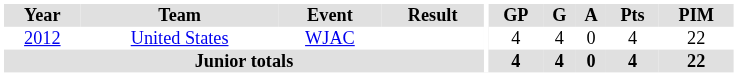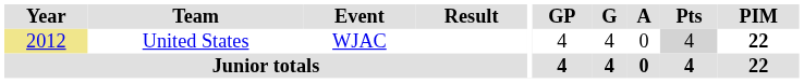 <table border="0" cellpadding="1" cellspacing="0" ID="Table3" style="text-align:center; width:40em">
 <tr style="text-align:center; background:#e0e0e0;">
 <th>Year</th>
 <th>Team</th>
 <th>Event</th>
 <th>Result</th>
 <th rowspan="99" style="background:#fff;"></th>
 <th>GP</th>
 <th>G</th>
 <th>A</th>
 <th>Pts</th>
 <th>PIM</th>
 </tr>
 <tr>
-<td><a href='#'>2012</a></td>
+<td style="background: khaki;"><a href='#'>2012</a></td>
 <td><a href='#'>United States</a></td>
 <td><a href='#'>WJAC</a></td>
 <td></td>
 <td>4</td>
 <td>4</td>
 <td>0</td>
-<td>4</td>
-<td>22</td>
+<td style="background: lightgrey;">4</td>
+<td><strong>22</strong></td>
 </tr>
 <tr style="text-align:center; background:#e0e0e0;">
 <th colspan=4>Junior totals</th>
 <th>4</th>
 <th>4</th>
 <th>0</th>
 <th>4</th>
 <th>22</th>
 </tr>
 </table>
